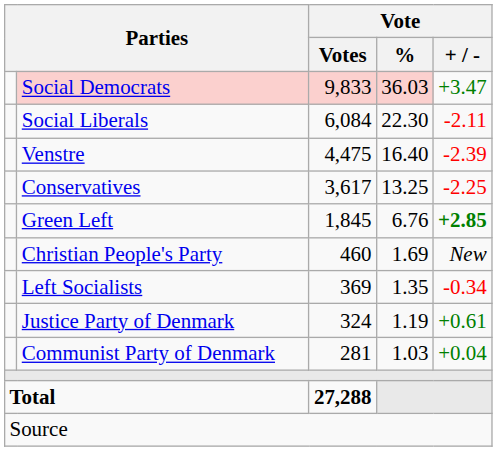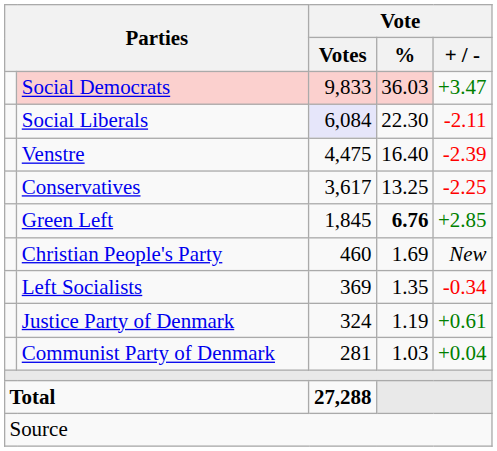 <table class="wikitable" style="text-align:right;">
 <tr>
 <th style="text-align:centre;" rowspan="2" colspan="2" width="225">Parties</th>
 <th colspan="3">Vote</th>
 </tr>
 <tr>
 <th width="15">Votes</th>
 <th width="15">%</th>
 <th width="15">+ / -</th>
 </tr>
 <tr>
 <td width="2" style="color:inherit;background:"></td>
 <td bgcolor=#fbd0ce  align="left"><a href='#'>Social Democrats</a></td>
 <td bgcolor=#fbd0ce>9,833</td>
 <td bgcolor=#fbd0ce>36.03</td>
 <td style=color:green;>+3.47</td>
 </tr>
 <tr>
 <td width="2" style="color:inherit;background:"></td>
 <td align="left"><a href='#'>Social Liberals</a></td>
-<td>6,084</td>
+<td style="background: lavender;">6,084</td>
 <td>22.30</td>
 <td style=color:red;>-2.11</td>
 </tr>
 <tr>
 <td width="2" style="color:inherit;background:"></td>
 <td align="left"><a href='#'>Venstre</a></td>
 <td>4,475</td>
 <td>16.40</td>
 <td style=color:red;>-2.39</td>
 </tr>
 <tr>
 <td width="2" style="color:inherit;background:"></td>
 <td align="left"><a href='#'>Conservatives</a></td>
 <td>3,617</td>
 <td>13.25</td>
 <td style=color:red;>-2.25</td>
 </tr>
 <tr>
 <td width="2" style="color:inherit;background:"></td>
 <td align="left"><a href='#'>Green Left</a></td>
 <td>1,845</td>
-<td>6.76</td>
-<td style=color:green;><strong>+2.85</strong></td>
+<td><strong>6.76</strong></td>
+<td style=color:green;>+2.85</td>
 </tr>
 <tr>
 <td width="2" style="color:inherit;background:"></td>
 <td align="left"><a href='#'>Christian People's Party</a></td>
 <td>460</td>
 <td>1.69</td>
 <td><em>New</em></td>
 </tr>
 <tr>
 <td width="2" style="color:inherit;background:"></td>
 <td align="left"><a href='#'>Left Socialists</a></td>
 <td>369</td>
 <td>1.35</td>
 <td style=color:red;>-0.34</td>
 </tr>
 <tr>
 <td width="2" style="color:inherit;background:"></td>
 <td align="left"><a href='#'>Justice Party of Denmark</a></td>
 <td>324</td>
 <td>1.19</td>
 <td style=color:green;>+0.61</td>
 </tr>
 <tr>
 <td width="2" style="color:inherit;background:"></td>
 <td align="left"><a href='#'>Communist Party of Denmark</a></td>
 <td>281</td>
 <td>1.03</td>
 <td style=color:green;>+0.04</td>
 </tr>
 <tr>
 <td colspan="7" bgcolor="#E9E9E9"></td>
 </tr>
 <tr>
 <td align="left" colspan="2"><strong>Total</strong></td>
 <td><strong>27,288</strong></td>
 <td bgcolor="#E9E9E9" colspan="2"></td>
 </tr>
 <tr>
 <td align="left" colspan="6">Source</td>
 </tr>
 </table>
